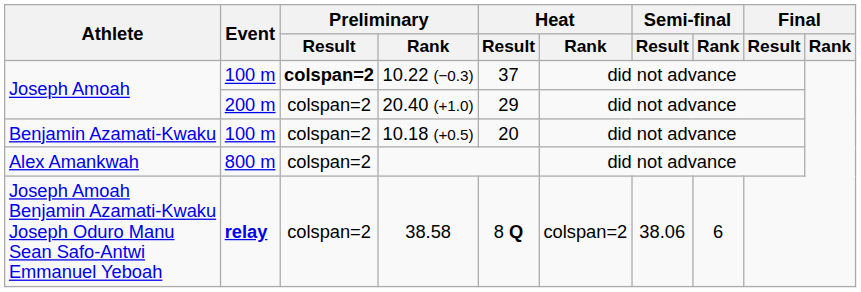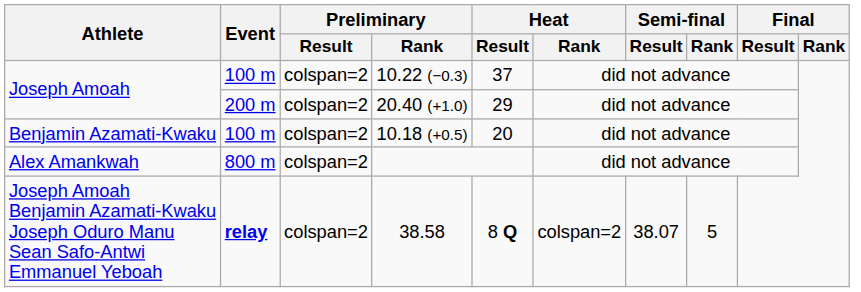 <table class=wikitable style=font-size:90%>
 <tr>
 <th rowspan=2>Athlete</th>
 <th rowspan=2>Event</th>
 <th colspan=2>Preliminary</th>
 <th colspan=2>Heat</th>
 <th colspan=2>Semi-final</th>
 <th colspan=2>Final</th>
 </tr>
 <tr style=font-size:95%>
 <th>Result</th>
 <th>Rank</th>
 <th>Result</th>
 <th>Rank</th>
 <th>Result</th>
 <th>Rank</th>
 <th>Result</th>
 <th>Rank</th>
 </tr>
 <tr align=center>
 <td align=left rowspan=2><a href='#'>Joseph Amoah</a></td>
 <td align=left><a href='#'>100 m</a></td>
-<td><strong>colspan=2</strong></td>
+<td>colspan=2</td>
 <td>10.22 <small>(−0.3)</small></td>
 <td>37</td>
 <td colspan=4>did not advance</td>
 </tr>
 <tr align=center>
 <td align=left><a href='#'>200 m</a></td>
 <td>colspan=2</td>
 <td>20.40 <small>(+1.0)</small> </td>
 <td>29</td>
 <td colspan=4>did not advance</td>
 </tr>
 <tr align=center>
 <td align=left><a href='#'>Benjamin Azamati-Kwaku</a></td>
 <td align=left><a href='#'>100 m</a></td>
 <td>colspan=2</td>
 <td>10.18 <small>(+0.5)</small></td>
 <td>20</td>
 <td colspan=4>did not advance</td>
 </tr>
 <tr align=center>
 <td align=left><a href='#'>Alex Amankwah</a></td>
 <td align=left><a href='#'>800 m</a></td>
 <td>colspan=2</td>
 <td colspan=2></td>
 <td colspan=4>did not advance</td>
 </tr>
 <tr align=center>
 <td align=left><a href='#'>Joseph Amoah</a><br><a href='#'>Benjamin Azamati-Kwaku</a><br><a href='#'>Joseph Oduro Manu</a><br><a href='#'>Sean Safo-Antwi</a><br><a href='#'>Emmanuel Yeboah</a></td>
 <td align=left><strong><a href='#'> relay</a></strong></td>
 <td>colspan=2</td>
 <td>38.58 </td>
 <td>8 <strong>Q</strong></td>
 <td>colspan=2</td>
-<td>38.06 </td>
-<td>6</td>
+<td>38.07 </td>
+<td>5</td>
 </tr>
 </table>
